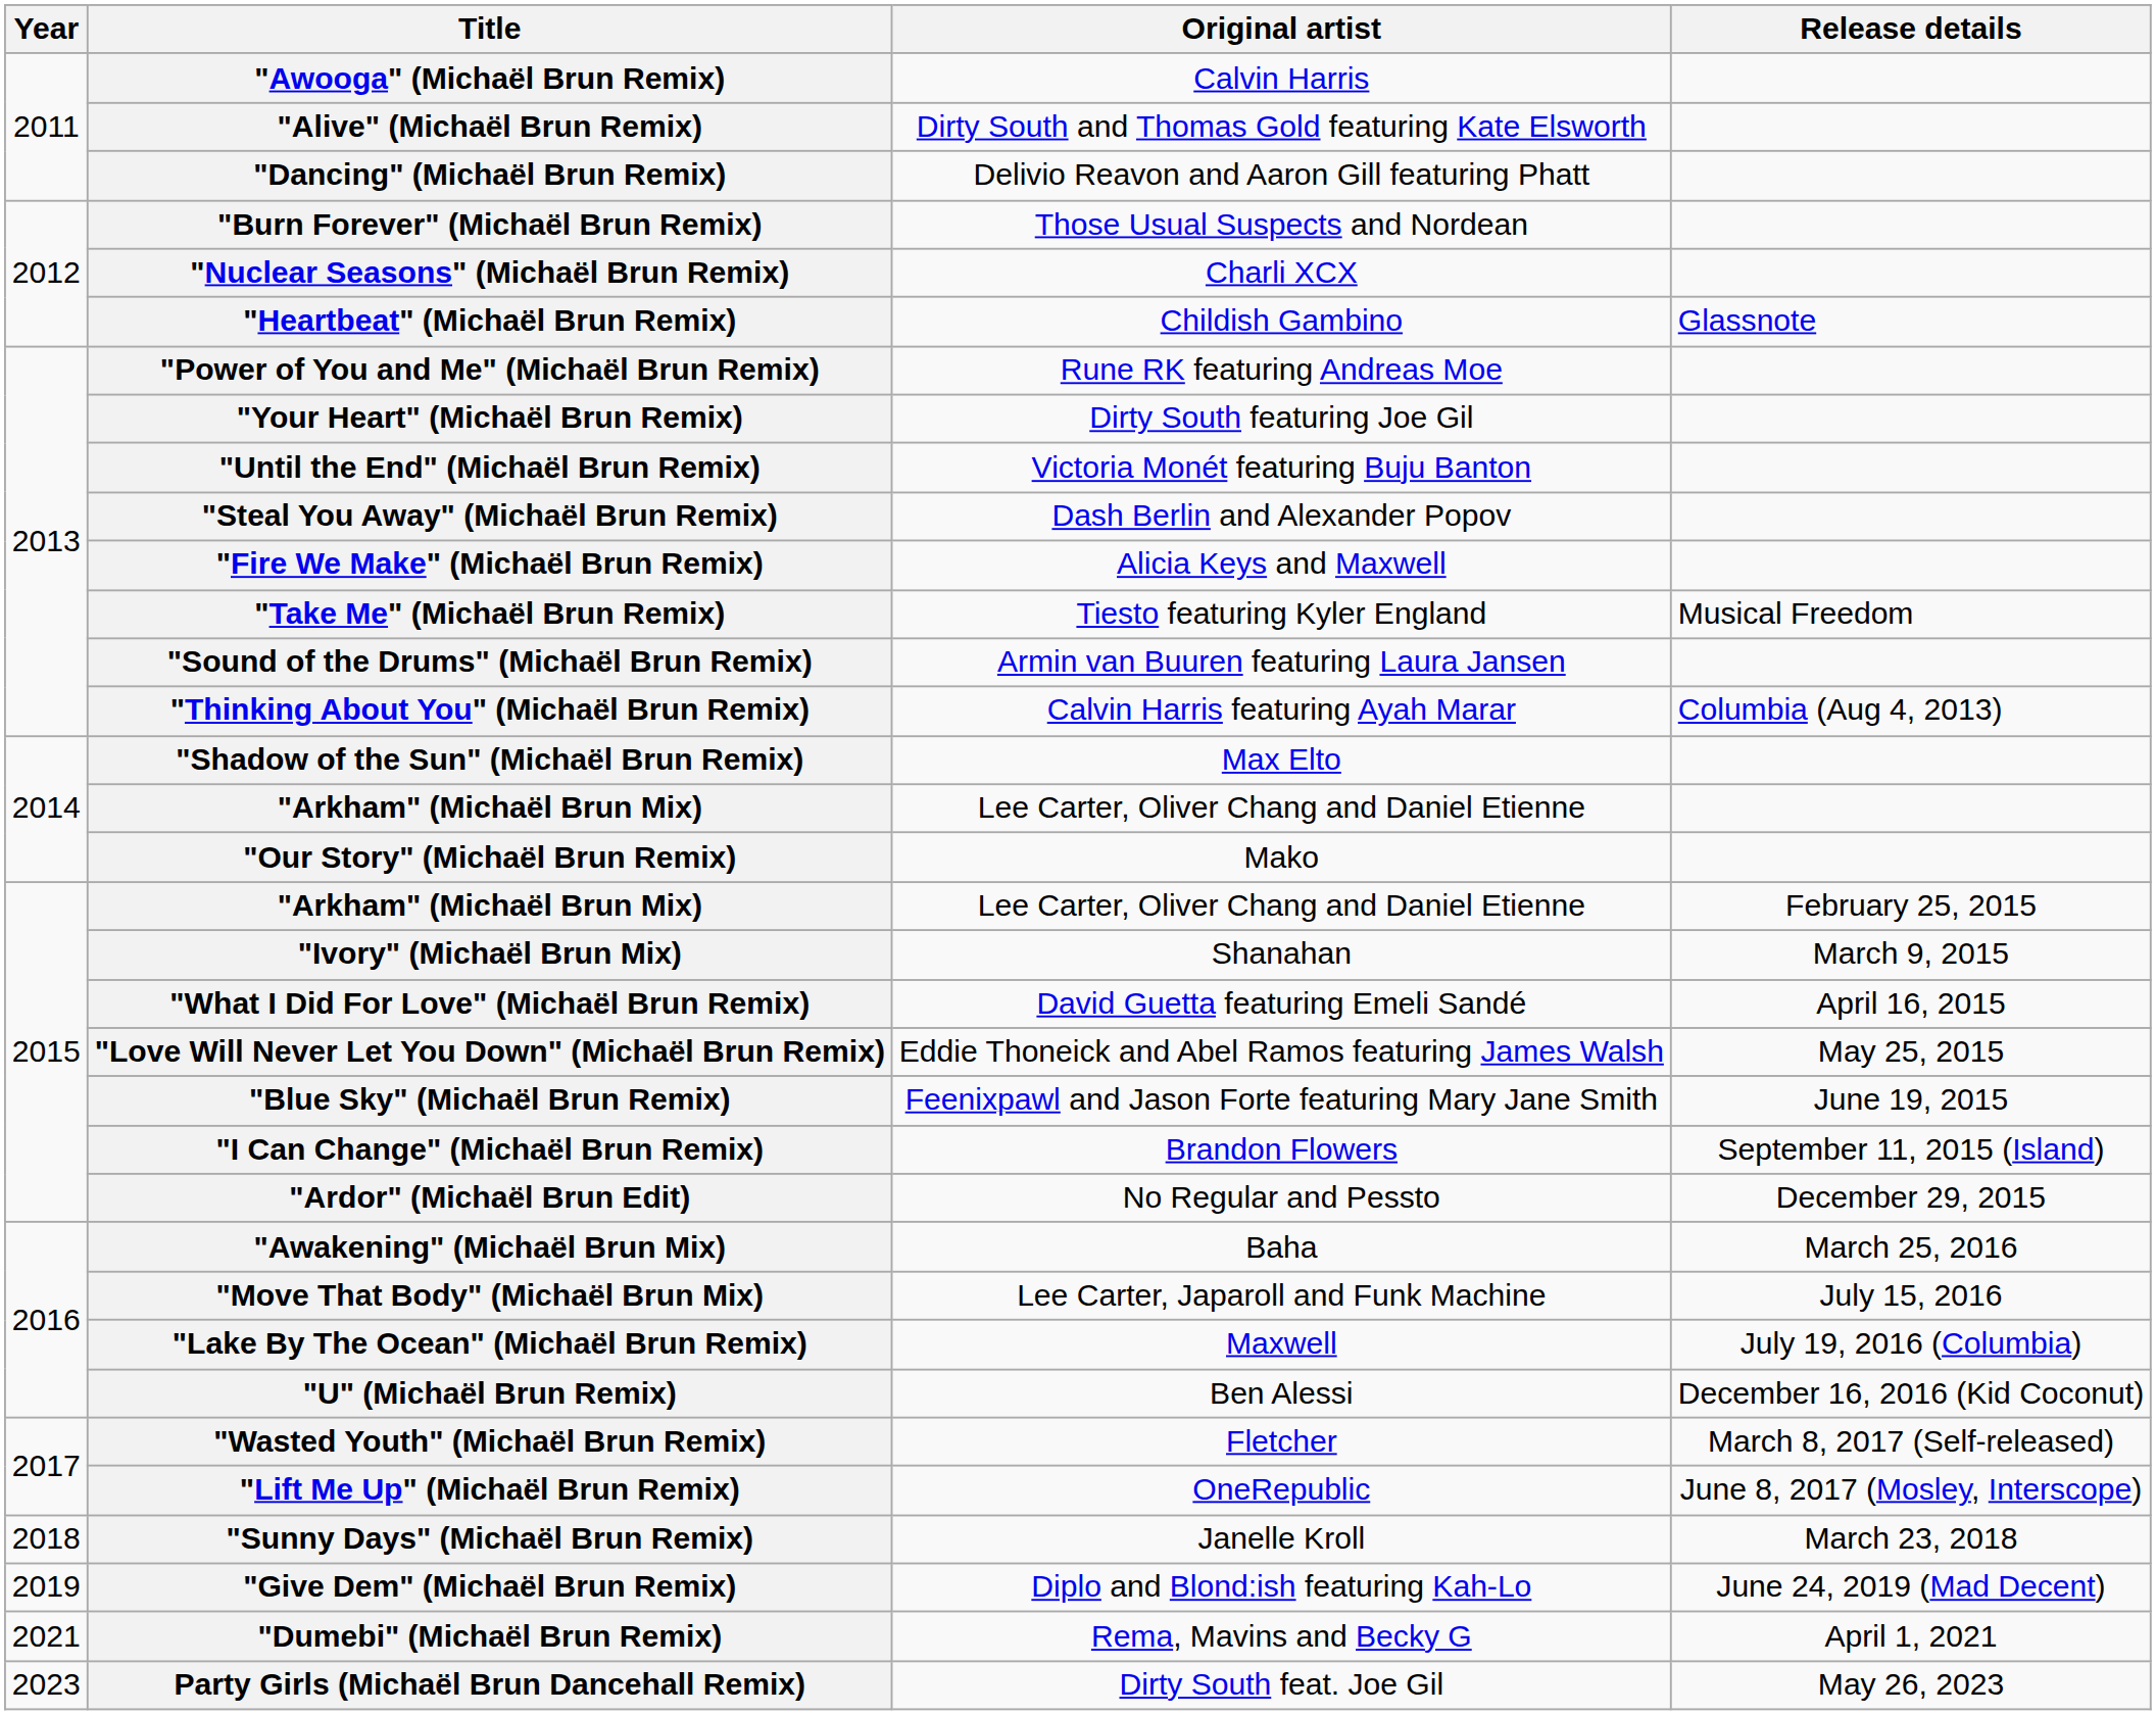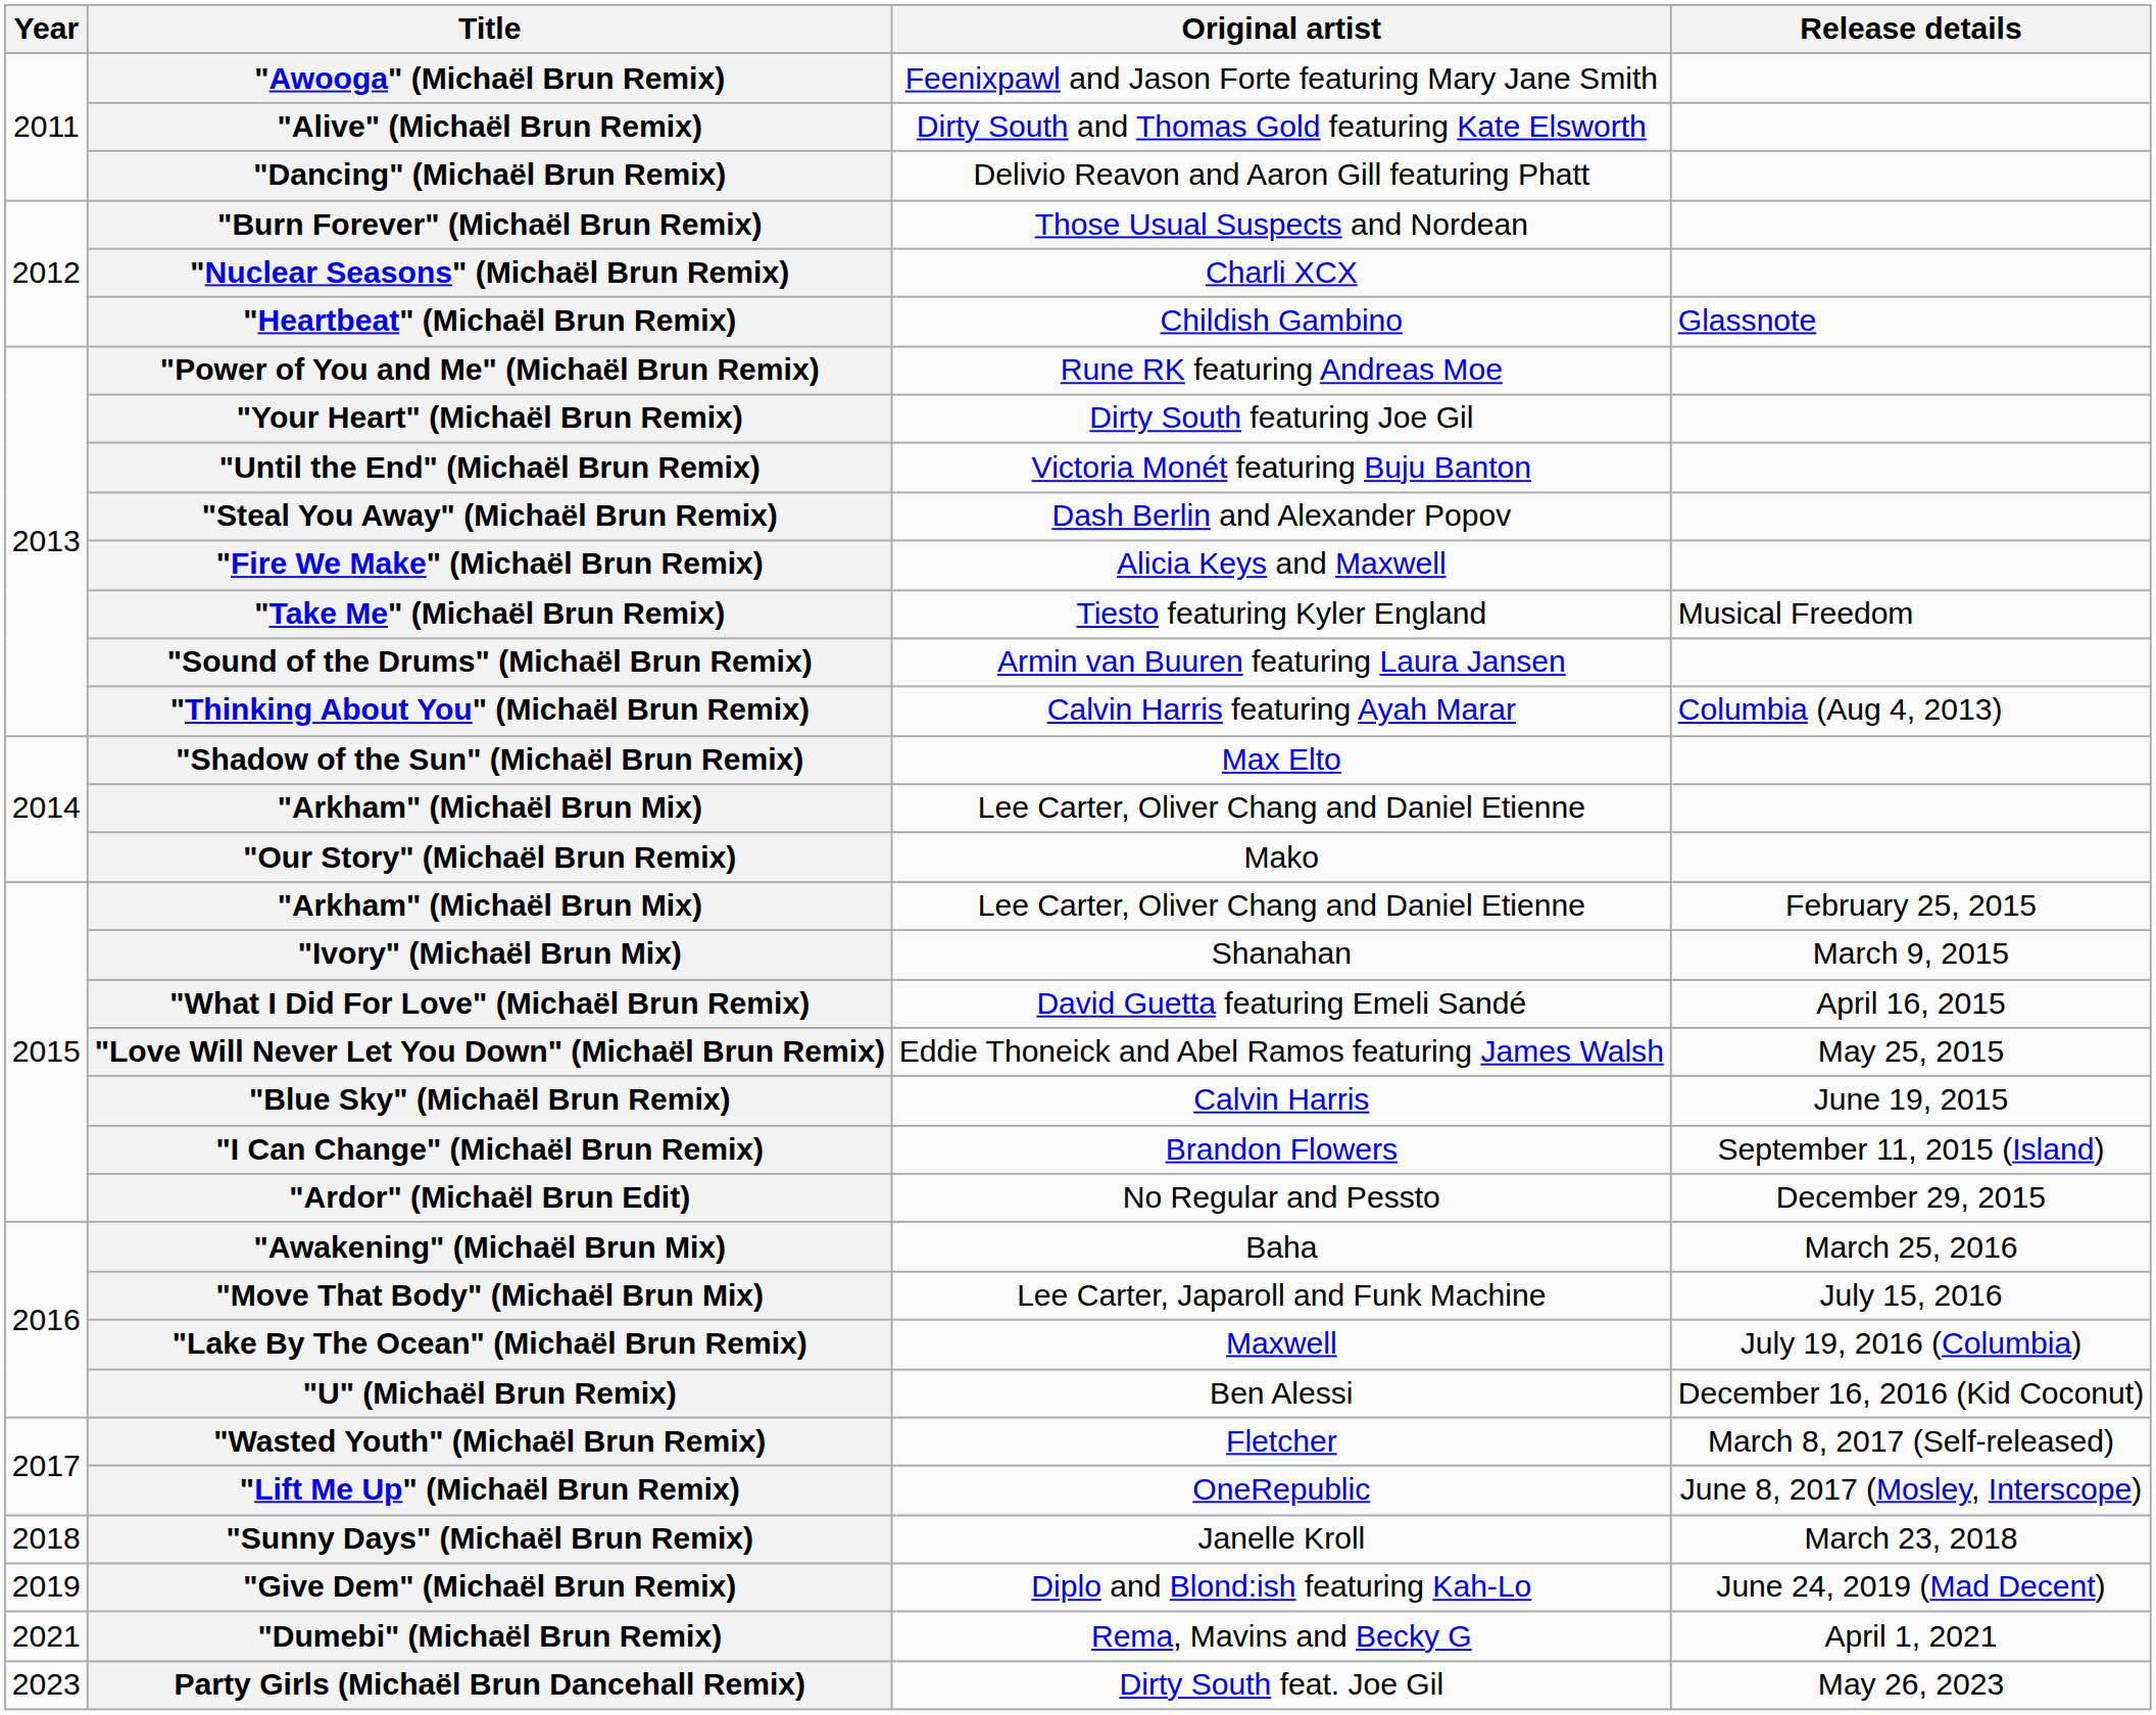 <table class="wikitable plainrowheaders" style="text-align:center;">
 <tr>
 <th scope="col" rowspan="1">Year</th>
 <th scope="col" rowspan="1">Title</th>
 <th scope="col" rowspan="1">Original artist</th>
 <th scope="col" rowspan="1">Release details</th>
 </tr>
 <tr>
 <td rowspan="3">2011</td>
 <th scope="row">"<a href='#'>Awooga</a>" (Michaël Brun Remix)</th>
-<td><a href='#'>Calvin Harris</a></td>
+<td><a href='#'>Feenixpawl</a> and Jason Forte featuring Mary Jane Smith</td>
 <td align=left></td>
 </tr>
 <tr>
 <th scope="row">"Alive" (Michaël Brun Remix)</th>
 <td><a href='#'>Dirty South</a> and <a href='#'>Thomas Gold</a> featuring <a href='#'>Kate Elsworth</a></td>
 <td align=left></td>
 </tr>
 <tr>
 <th scope="row">"Dancing" (Michaël Brun Remix)</th>
 <td>Delivio Reavon and Aaron Gill featuring Phatt</td>
 <td align=left></td>
 </tr>
 <tr>
 <td rowspan="3">2012</td>
 <th scope="row">"Burn Forever" (Michaël Brun Remix)</th>
 <td><a href='#'>Those Usual Suspects</a> and Nordean</td>
 <td align=left></td>
 </tr>
 <tr>
 <th scope="row">"<a href='#'>Nuclear Seasons</a>" (Michaël Brun Remix)</th>
 <td><a href='#'>Charli XCX</a></td>
 <td align=left></td>
 </tr>
 <tr>
 <th scope="row">"<a href='#'>Heartbeat</a>" (Michaël Brun Remix)</th>
 <td><a href='#'>Childish Gambino</a></td>
 <td align=left><a href='#'>Glassnote</a></td>
 </tr>
 <tr>
 <td rowspan="8">2013</td>
 <th scope="row">"Power of You and Me" (Michaël Brun Remix)</th>
 <td><a href='#'>Rune RK</a> featuring <a href='#'>Andreas Moe</a></td>
 <td align=left></td>
 </tr>
 <tr>
 <th scope="row">"Your Heart" (Michaël Brun Remix)</th>
 <td><a href='#'>Dirty South</a> featuring Joe Gil</td>
 <td align=left></td>
 </tr>
 <tr>
 <th scope="row">"Until the End" (Michaël Brun Remix)</th>
 <td><a href='#'>Victoria Monét</a> featuring <a href='#'>Buju Banton</a></td>
 <td align=left></td>
 </tr>
 <tr>
 <th scope="row">"Steal You Away" (Michaël Brun Remix)</th>
 <td><a href='#'>Dash Berlin</a> and Alexander Popov</td>
 <td align=left></td>
 </tr>
 <tr>
 <th scope="row">"<a href='#'>Fire We Make</a>" (Michaël Brun Remix)</th>
 <td><a href='#'>Alicia Keys</a> and <a href='#'>Maxwell</a></td>
 <td align=left></td>
 </tr>
 <tr>
 <th scope="row">"<a href='#'>Take Me</a>" (Michaël Brun Remix)</th>
 <td><a href='#'>Tiesto</a> featuring Kyler England</td>
 <td align=left>Musical Freedom</td>
 </tr>
 <tr>
 <th scope="row">"Sound of the Drums" (Michaël Brun Remix)</th>
 <td><a href='#'>Armin van Buuren</a> featuring <a href='#'>Laura Jansen</a></td>
 <td align=left></td>
 </tr>
 <tr>
 <th scope="row">"<a href='#'>Thinking About You</a>" (Michaël Brun Remix)</th>
 <td><a href='#'>Calvin Harris</a> featuring <a href='#'>Ayah Marar</a></td>
 <td align=left><a href='#'>Columbia</a> (Aug 4, 2013)</td>
 </tr>
 <tr>
 <td rowspan="3">2014</td>
 <th scope="row">"Shadow of the Sun" (Michaël Brun Remix)</th>
 <td><a href='#'>Max Elto</a></td>
 <td align=left></td>
 </tr>
 <tr>
 <th scope="row">"Arkham" (Michaël Brun Mix)</th>
 <td>Lee Carter, Oliver Chang and Daniel Etienne</td>
 <td align=left></td>
 </tr>
 <tr>
 <th scope="row">"Our Story" (Michaël Brun Remix)</th>
 <td>Mako</td>
 <td align=left></td>
 </tr>
 <tr>
 <td rowspan="7">2015</td>
 <th scope="row">"Arkham" (Michaël Brun Mix)</th>
 <td>Lee Carter, Oliver Chang and Daniel Etienne</td>
 <td>February 25, 2015</td>
 </tr>
 <tr>
 <th scope="row">"Ivory" (Michaël Brun Mix)</th>
 <td>Shanahan</td>
 <td>March 9, 2015</td>
 </tr>
 <tr>
 <th scope="row">"What I Did For Love" (Michaël Brun Remix)</th>
 <td><a href='#'>David Guetta</a> featuring Emeli Sandé</td>
 <td>April 16, 2015</td>
 </tr>
 <tr>
 <th scope="row">"Love Will Never Let You Down" (Michaël Brun Remix)</th>
 <td>Eddie Thoneick and Abel Ramos featuring <a href='#'>James Walsh</a></td>
 <td>May 25, 2015</td>
 </tr>
 <tr>
 <th scope="row">"Blue Sky" (Michaël Brun Remix)</th>
-<td><a href='#'>Feenixpawl</a> and Jason Forte featuring Mary Jane Smith</td>
+<td><a href='#'>Calvin Harris</a></td>
 <td>June 19, 2015</td>
 </tr>
 <tr>
 <th scope="row">"I Can Change" (Michaël Brun Remix)</th>
 <td><a href='#'>Brandon Flowers</a></td>
 <td>September 11, 2015 (<a href='#'>Island</a>)</td>
 </tr>
 <tr>
 <th scope="row">"Ardor" (Michaël Brun Edit)</th>
 <td>No Regular and Pessto</td>
 <td>December 29, 2015</td>
 </tr>
 <tr>
 <td rowspan="4">2016</td>
 <th scope="row">"Awakening" (Michaël Brun Mix)</th>
 <td>Baha</td>
 <td>March 25, 2016</td>
 </tr>
 <tr>
 <th scope="row">"Move That Body" (Michaël Brun Mix)</th>
 <td>Lee Carter, Japaroll and Funk Machine</td>
 <td>July 15, 2016</td>
 </tr>
 <tr>
 <th scope="row">"Lake By The Ocean" (Michaël Brun Remix)</th>
 <td><a href='#'>Maxwell</a></td>
 <td>July 19, 2016 (<a href='#'>Columbia</a>)</td>
 </tr>
 <tr>
 <th scope="row">"U" (Michaël Brun Remix)</th>
 <td>Ben Alessi</td>
 <td>December 16, 2016 (Kid Coconut)</td>
 </tr>
 <tr>
 <td rowspan="2">2017</td>
 <th scope="row">"Wasted Youth" (Michaël Brun Remix)</th>
 <td><a href='#'>Fletcher</a></td>
 <td>March 8, 2017 (Self-released)</td>
 </tr>
 <tr>
 <th scope="row">"<a href='#'>Lift Me Up</a>" (Michaël Brun Remix)</th>
 <td><a href='#'>OneRepublic</a></td>
 <td>June 8, 2017 (<a href='#'>Mosley</a>, <a href='#'>Interscope</a>)</td>
 </tr>
 <tr>
 <td>2018</td>
 <th scope="row">"Sunny Days" (Michaël Brun Remix)</th>
 <td>Janelle Kroll</td>
 <td>March 23, 2018</td>
 </tr>
 <tr>
 <td>2019</td>
 <th scope="row">"Give Dem" (Michaël Brun Remix)</th>
 <td><a href='#'>Diplo</a> and <a href='#'>Blond:ish</a> featuring <a href='#'>Kah-Lo</a></td>
 <td>June 24, 2019 (<a href='#'>Mad Decent</a>)</td>
 </tr>
 <tr>
 <td>2021</td>
 <th scope="row">"Dumebi" (Michaël Brun Remix)</th>
 <td><a href='#'>Rema</a>, Mavins and <a href='#'>Becky G</a></td>
 <td>April 1, 2021</td>
 </tr>
 <tr>
 <td>2023</td>
 <th scope="row">Party Girls (Michaël Brun Dancehall Remix)</th>
 <td><a href='#'>Dirty South</a> feat. Joe Gil</td>
 <td>May 26, 2023</td>
 </tr>
 </table>
